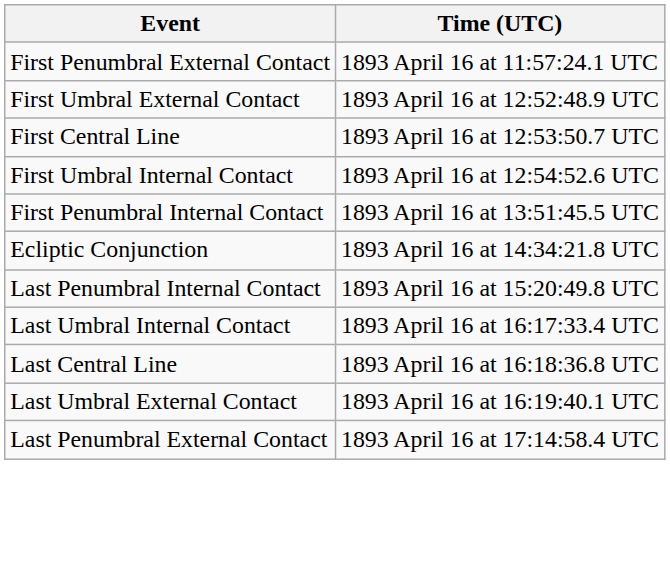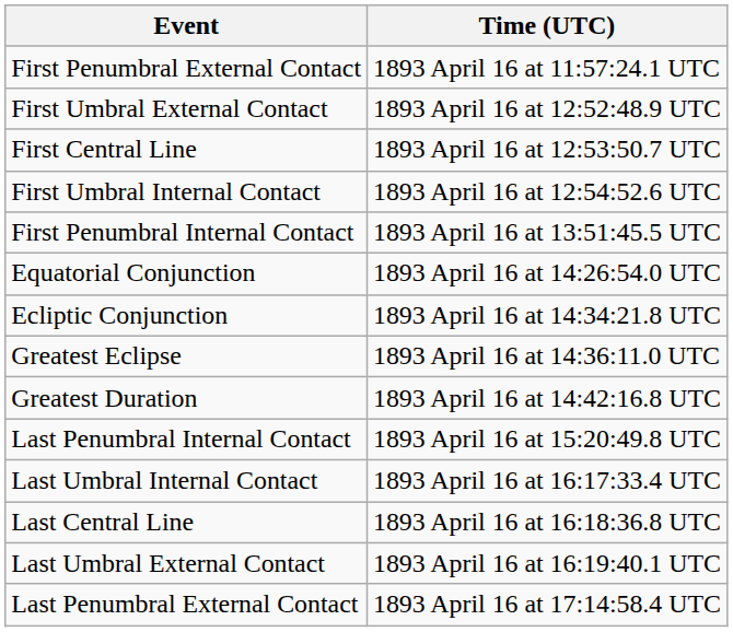 <table class="wikitable">
 <tr>
 <th>Event</th>
 <th>Time (UTC)</th>
 </tr>
 <tr>
 <td>First Penumbral External Contact</td>
 <td>1893 April 16 at 11:57:24.1 UTC</td>
 </tr>
 <tr>
 <td>First Umbral External Contact</td>
 <td>1893 April 16 at 12:52:48.9 UTC</td>
 </tr>
 <tr>
 <td>First Central Line</td>
 <td>1893 April 16 at 12:53:50.7 UTC</td>
 </tr>
 <tr>
 <td>First Umbral Internal Contact</td>
 <td>1893 April 16 at 12:54:52.6 UTC</td>
 </tr>
 <tr>
 <td>First Penumbral Internal Contact</td>
 <td>1893 April 16 at 13:51:45.5 UTC</td>
 </tr>
 <tr>
+<td>Equatorial Conjunction</td>
+<td>1893 April 16 at 14:26:54.0 UTC</td>
+</tr>
+<tr>
 <td>Ecliptic Conjunction</td>
 <td>1893 April 16 at 14:34:21.8 UTC</td>
+</tr>
+<tr>
+<td>Greatest Eclipse</td>
+<td>1893 April 16 at 14:36:11.0 UTC</td>
+</tr>
+<tr>
+<td>Greatest Duration</td>
+<td>1893 April 16 at 14:42:16.8 UTC</td>
 </tr>
 <tr>
 <td>Last Penumbral Internal Contact</td>
 <td>1893 April 16 at 15:20:49.8 UTC</td>
 </tr>
 <tr>
 <td>Last Umbral Internal Contact</td>
 <td>1893 April 16 at 16:17:33.4 UTC</td>
 </tr>
 <tr>
 <td>Last Central Line</td>
 <td>1893 April 16 at 16:18:36.8 UTC</td>
 </tr>
 <tr>
 <td>Last Umbral External Contact</td>
 <td>1893 April 16 at 16:19:40.1 UTC</td>
 </tr>
 <tr>
 <td>Last Penumbral External Contact</td>
 <td>1893 April 16 at 17:14:58.4 UTC</td>
 </tr>
 </table>
